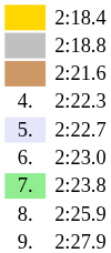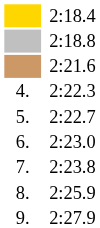 <table style="text-align:center">
 <tr>
 <td width=30 bgcolor=gold></td>
 <td align=left></td>
 <td>2:18.4</td>
 </tr>
 <tr>
 <td bgcolor=silver></td>
 <td align=left></td>
 <td>2:18.8</td>
 </tr>
 <tr>
 <td bgcolor=cc9966></td>
 <td align=left></td>
 <td>2:21.6</td>
 </tr>
 <tr>
 <td>4.</td>
 <td align=left></td>
 <td>2:22.3</td>
 </tr>
 <tr>
-<td style="background: lavender;">5.</td>
+<td>5.</td>
 <td align=left></td>
 <td>2:22.7</td>
 </tr>
 <tr>
 <td>6.</td>
 <td align=left></td>
 <td>2:23.0</td>
 </tr>
 <tr>
-<td style="background: lightgreen;">7.</td>
+<td>7.</td>
 <td align=left></td>
 <td>2:23.8</td>
 </tr>
 <tr>
 <td>8.</td>
 <td align=left></td>
 <td>2:25.9</td>
 </tr>
 <tr>
 <td>9.</td>
 <td align=left></td>
 <td>2:27.9</td>
 </tr>
 </table>
